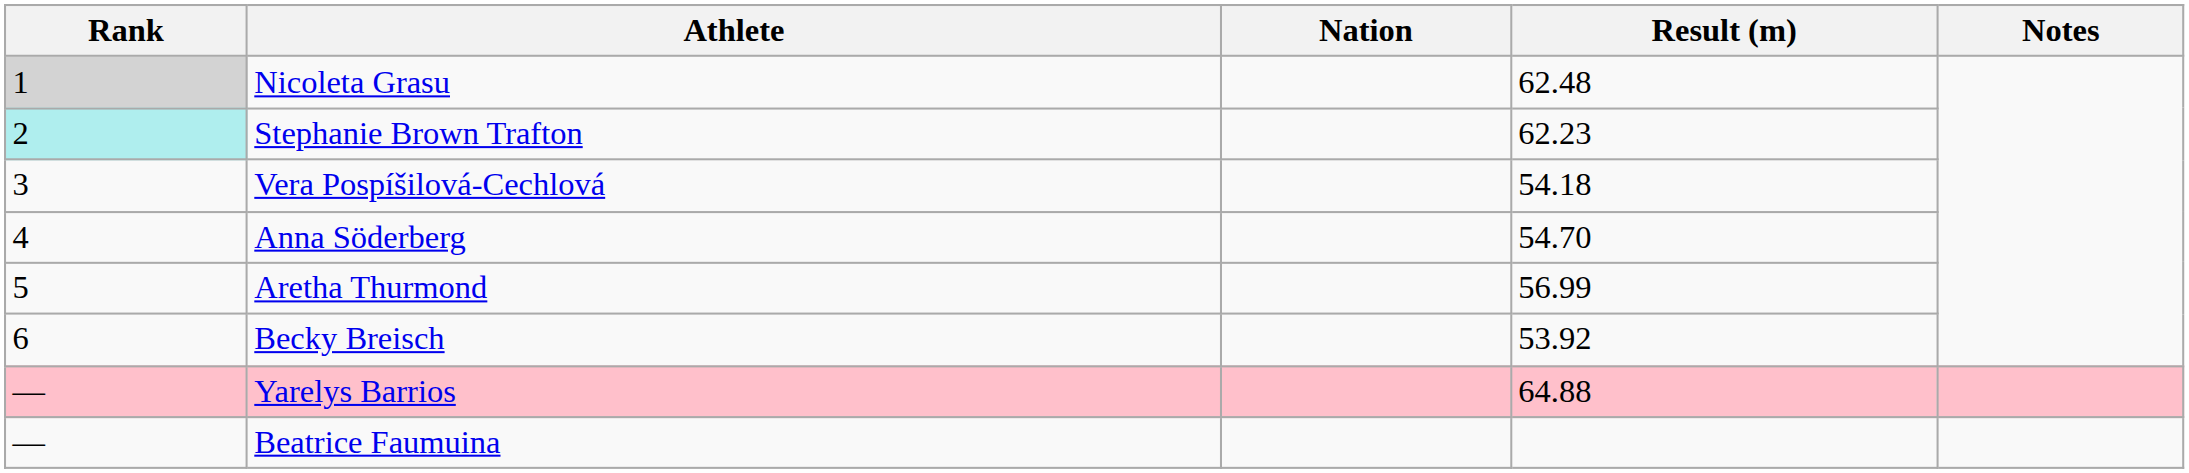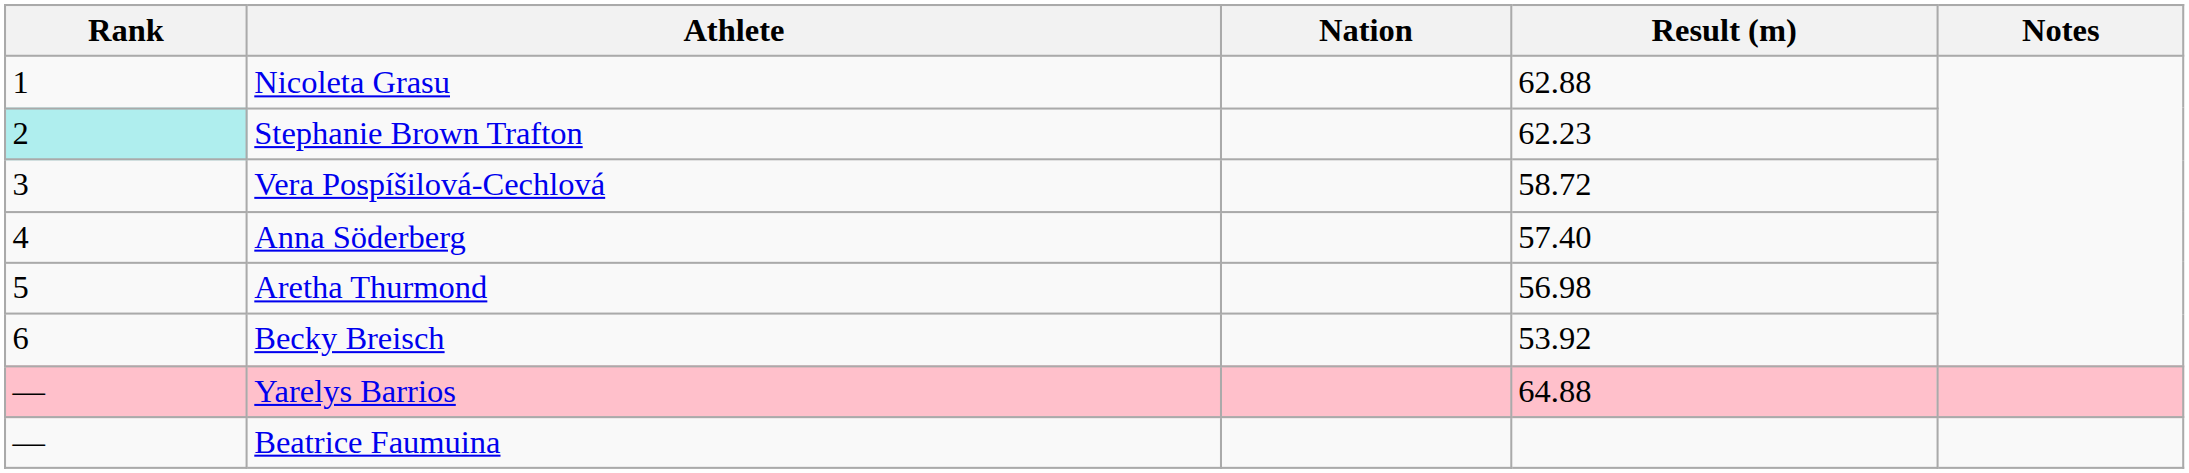 <table class="wikitable" style="text=align:center;" width=85%>
 <tr>
 <th>Rank</th>
 <th>Athlete</th>
 <th>Nation</th>
 <th>Result (m)</th>
 <th>Notes</th>
 </tr>
 <tr>
-<td style="background: lightgrey;">1</td>
+<td>1</td>
 <td><a href='#'>Nicoleta Grasu</a></td>
 <td></td>
-<td>62.48</td>
+<td>62.88</td>
 </tr>
 <tr>
 <td style="background: paleturquoise;">2</td>
 <td><a href='#'>Stephanie Brown Trafton</a></td>
 <td></td>
 <td>62.23</td>
 </tr>
 <tr>
 <td>3</td>
 <td><a href='#'>Vera Pospíšilová-Cechlová</a></td>
 <td></td>
-<td>54.18</td>
+<td>58.72</td>
 </tr>
 <tr>
 <td>4</td>
 <td><a href='#'>Anna Söderberg</a></td>
 <td></td>
-<td>54.70</td>
+<td>57.40</td>
 </tr>
 <tr>
 <td>5</td>
 <td><a href='#'>Aretha Thurmond</a></td>
 <td></td>
-<td>56.99</td>
+<td>56.98</td>
 </tr>
 <tr>
 <td>6</td>
 <td><a href='#'>Becky Breisch</a></td>
 <td></td>
 <td>53.92</td>
 </tr>
 <tr bgcolor=pink>
 <td>—</td>
 <td><a href='#'>Yarelys Barrios</a></td>
 <td></td>
 <td>64.88</td>
 <td></td>
 </tr>
 <tr>
 <td>—</td>
 <td><a href='#'>Beatrice Faumuina</a></td>
 <td></td>
 <td></td>
 </tr>
 </table>
